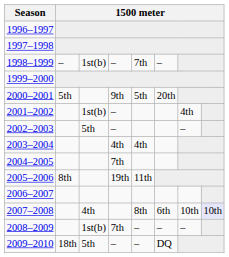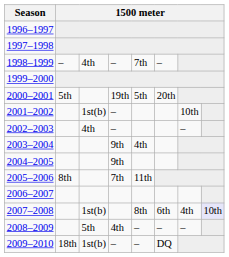 <table class="wikitable" style="display: inline-table;">
 <tr>
 <th>Season</th>
 <th colspan="7">1500 meter</th>
 </tr>
 <tr>
 <td><a href='#'>1996–1997</a></td>
 <td colspan="7" bgcolor=#EEEEEE></td>
 </tr>
 <tr>
 <td><a href='#'>1997–1998</a></td>
 <td colspan="7" bgcolor=#EEEEEE></td>
 </tr>
 <tr>
 <td><a href='#'>1998–1999</a></td>
 <td>–</td>
-<td>1st(b)</td>
+<td>4th</td>
 <td>–</td>
 <td>7th</td>
 <td>–</td>
 <td colspan="3" bgcolor=#EEEEEE></td>
 </tr>
 <tr>
 <td><a href='#'>1999–2000</a></td>
 <td colspan="7" bgcolor=#EEEEEE></td>
 </tr>
 <tr>
 <td><a href='#'>2000–2001</a></td>
 <td>5th</td>
 <td></td>
-<td>9th</td>
+<td>19th</td>
 <td>5th</td>
 <td>20th</td>
 <td colspan="3" bgcolor=#EEEEEE></td>
 </tr>
 <tr>
 <td><a href='#'>2001–2002</a></td>
 <td></td>
 <td>1st(b)</td>
 <td>–</td>
 <td></td>
 <td></td>
-<td>4th</td>
+<td>10th</td>
 <td colspan="1" bgcolor=#EEEEEE></td>
 </tr>
 <tr>
 <td><a href='#'>2002–2003</a></td>
 <td></td>
-<td>5th</td>
+<td>4th</td>
 <td>–</td>
 <td></td>
 <td></td>
 <td>–</td>
 <td colspan="1" bgcolor=#EEEEEE></td>
 </tr>
 <tr>
 <td><a href='#'>2003–2004</a></td>
 <td></td>
 <td></td>
-<td>4th</td>
+<td>9th</td>
 <td>4th</td>
 <td></td>
 <td colspan="2" bgcolor=#EEEEEE></td>
 </tr>
 <tr>
 <td><a href='#'>2004–2005</a></td>
 <td></td>
 <td></td>
-<td>7th</td>
+<td>9th</td>
 <td></td>
 <td></td>
 <td colspan="4" bgcolor=#EEEEEE></td>
 </tr>
 <tr>
 <td><a href='#'>2005–2006</a></td>
 <td>8th</td>
 <td></td>
-<td>19th</td>
+<td>7th</td>
 <td>11th</td>
 <td colspan="3" bgcolor=#EEEEEE></td>
 </tr>
 <tr>
 <td><a href='#'>2006–2007</a></td>
 <td></td>
 <td></td>
 <td></td>
 <td></td>
 <td></td>
 <td></td>
 <td colspan="1" bgcolor=#EEEEEE></td>
 </tr>
 <tr>
 <td><a href='#'>2007–2008</a></td>
 <td></td>
-<td>4th</td>
+<td>1st(b)</td>
 <td></td>
 <td>8th</td>
 <td>6th</td>
-<td>10th</td>
+<td>4th</td>
 <td style="background: lavender;">10th</td>
 </tr>
 <tr>
 <td><a href='#'>2008–2009</a></td>
 <td></td>
-<td>1st(b)</td>
-<td>7th</td>
+<td>5th</td>
+<td>4th</td>
 <td>–</td>
 <td>–</td>
 <td>–</td>
 <td colspan="1" bgcolor=#EEEEEE></td>
 </tr>
 <tr>
 <td><a href='#'>2009–2010</a></td>
 <td>18th</td>
-<td>5th</td>
+<td>1st(b)</td>
 <td>–</td>
 <td>–</td>
 <td>DQ</td>
 <td colspan="3" bgcolor=#EEEEEE></td>
 </tr>
 </table>
